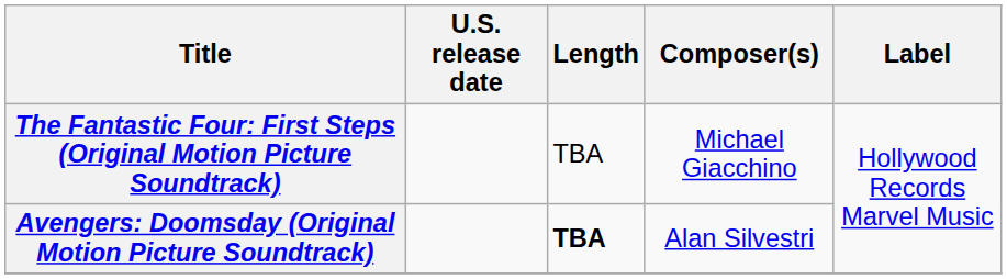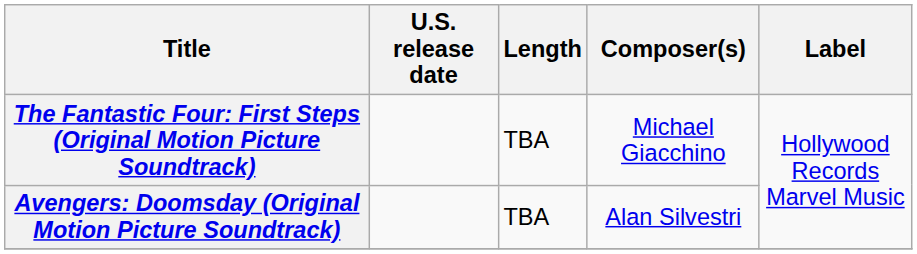 <table class="wikitable plainrowheaders" style="text-align: center; width: 99%;">
 <tr>
 <th scope="col">Title</th>
 <th scope="col">U.S. release date</th>
 <th scope="col">Length</th>
 <th scope="col">Composer(s)</th>
 <th scope="col">Label</th>
 </tr>
 <tr>
 <th scope="row"><em><a href='#'>The Fantastic Four: First Steps (Original Motion Picture Soundtrack)</a></em></th>
 <td style="text-align: left;"></td>
 <td style="text-align: left;">TBA</td>
 <td><a href='#'>Michael Giacchino</a></td>
 <td rowspan="2"><a href='#'>Hollywood Records</a><br><a href='#'>Marvel Music</a></td>
 </tr>
 <tr>
 <th scope="row"><em><a href='#'>Avengers: Doomsday (Original Motion Picture Soundtrack)</a></em></th>
 <td style="text-align: left;"></td>
-<td style="text-align: left;"><strong>TBA</strong></td>
+<td style="text-align: left;">TBA</td>
 <td><a href='#'>Alan Silvestri</a></td>
 </tr>
 <tr>
 </tr>
 </table>
